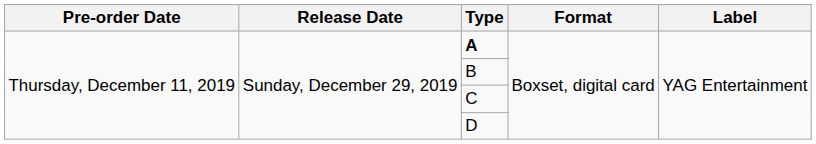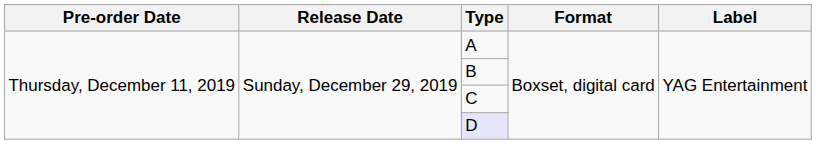 <table class="wikitable">
 <tr>
 <th>Pre-order Date</th>
 <th>Release Date</th>
 <th>Type</th>
 <th>Format</th>
 <th>Label</th>
 </tr>
 <tr>
 <td rowspan="4">Thursday, December 11, 2019</td>
 <td rowspan="4">Sunday, December 29, 2019</td>
-<td><strong>A</strong></td>
+<td>A</td>
 <td rowspan="4">Boxset, digital card</td>
 <td rowspan="4">YAG Entertainment</td>
 </tr>
 <tr>
 <td>B</td>
 </tr>
 <tr>
 <td>C</td>
 </tr>
 <tr>
-<td>D</td>
+<td style="background: lavender;">D</td>
 </tr>
 </table>
